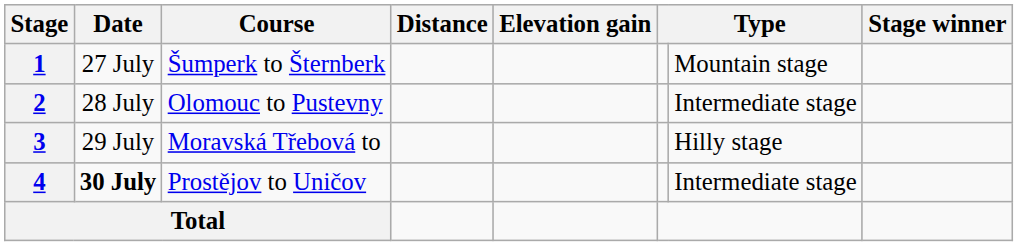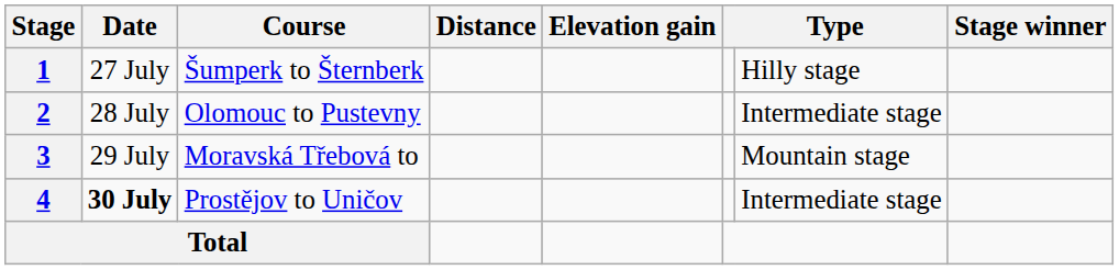 <table class="wikitable">
 <tr>
 <th scope="col">Stage</th>
 <th scope="col">Date</th>
 <th scope="col">Course</th>
 <th scope="col">Distance</th>
 <th scope="col">Elevation gain</th>
 <th scope="col" colspan="2">Type</th>
 <th scope="col">Stage winner</th>
 </tr>
 <tr>
 <th scope="row"><a href='#'>1</a></th>
 <td style="text-align:center;">27 July</td>
 <td><a href='#'>Šumperk</a> to <a href='#'>Šternberk</a></td>
 <td style="text-align:center;"></td>
 <td style="text-align:center;"></td>
 <td></td>
-<td>Mountain stage</td>
+<td>Hilly stage</td>
 <td></td>
 </tr>
 <tr>
 <th scope="row"><a href='#'>2</a></th>
 <td style="text-align:center;">28 July</td>
 <td><a href='#'>Olomouc</a> to <a href='#'>Pustevny</a></td>
 <td style="text-align:center;"></td>
 <td style="text-align:center;"></td>
 <td></td>
 <td>Intermediate stage</td>
 <td></td>
 </tr>
 <tr>
 <th scope="row"><a href='#'>3</a></th>
 <td style="text-align:center;">29 July</td>
 <td><a href='#'>Moravská Třebová</a> to </td>
 <td style="text-align:center;"></td>
 <td style="text-align:center;"></td>
 <td></td>
-<td>Hilly stage</td>
+<td>Mountain stage</td>
 <td></td>
 </tr>
 <tr>
 <th scope="row"><a href='#'>4</a></th>
 <td style="text-align:center;"><strong>30 July</strong></td>
 <td><a href='#'>Prostějov</a> to <a href='#'>Uničov</a></td>
 <td style="text-align:center;"></td>
 <td style="text-align:center;"></td>
 <td></td>
 <td>Intermediate stage</td>
 <td></td>
 </tr>
 <tr>
 <th colspan="3">Total</th>
 <td style="text-align:center;"></td>
 <td style="text-align:center;"></td>
 <td colspan="2"></td>
 </tr>
 </table>
